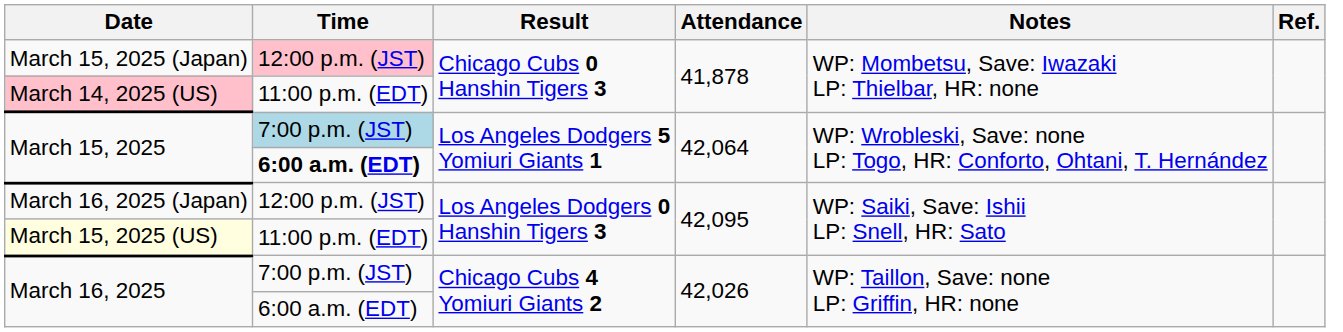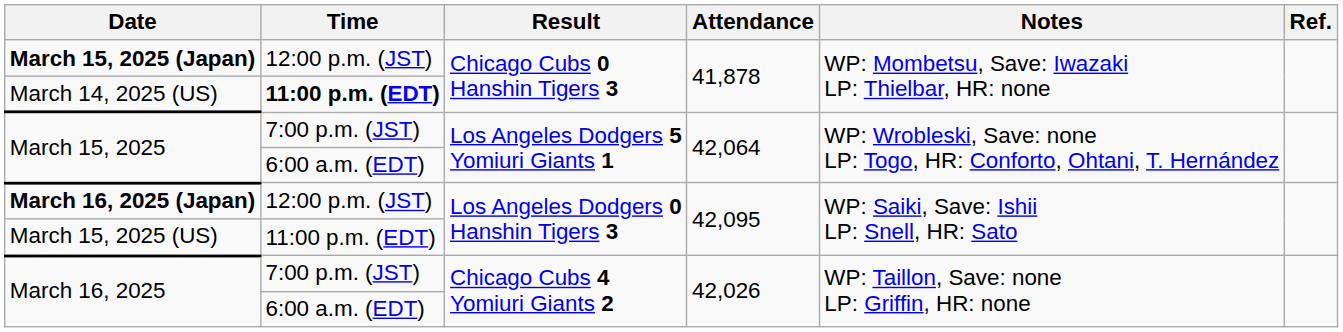 <table class="wikitable">
 <tr>
 <th>Date</th>
 <th>Time</th>
 <th>Result</th>
 <th>Attendance</th>
 <th>Notes</th>
 <th>Ref.</th>
 </tr>
 <tr>
-<td>March 15, 2025 (Japan)</td>
-<td style="background: pink;">12:00 p.m. (<a href='#'>JST</a>)</td>
+<td><strong>March 15, 2025 (Japan)</strong></td>
+<td>12:00 p.m. (<a href='#'>JST</a>)</td>
 <td rowspan="2"><a href='#'>Chicago Cubs</a> <strong>0</strong><br><a href='#'>Hanshin Tigers</a> <strong>3</strong></td>
 <td rowspan=2>41,878</td>
 <td rowspan=2>WP: <a href='#'>Mombetsu</a>, Save: <a href='#'>Iwazaki</a><br>LP: <a href='#'>Thielbar</a>, HR: none</td>
 <td rowspan=2></td>
 </tr>
 <tr>
-<td style="background: pink; border-bottom:2px solid black">March 14, 2025 (US)</td>
-<td>11:00 p.m. (<a href='#'>EDT</a>)</td>
+<td style="border-bottom:2px solid black">March 14, 2025 (US)</td>
+<td><strong>11:00 p.m. (<a href='#'>EDT</a>)</strong></td>
 </tr>
 <tr>
 <td style="border-bottom:2px solid black" rowspan="2">March 15, 2025</td>
-<td style="background: lightblue;">7:00 p.m. (<a href='#'>JST</a>)</td>
+<td>7:00 p.m. (<a href='#'>JST</a>)</td>
 <td rowspan="2"><a href='#'>Los Angeles Dodgers</a> <strong>5</strong><br><a href='#'>Yomiuri Giants</a> <strong>1</strong></td>
 <td rowspan=2>42,064</td>
 <td rowspan=2>WP: <a href='#'>Wrobleski</a>, Save: none<br>LP: <a href='#'>Togo</a>, HR: <a href='#'>Conforto</a>, <a href='#'>Ohtani</a>, <a href='#'>T. Hernández</a></td>
 <td rowspan=2></td>
 </tr>
 <tr>
-<td><strong>6:00 a.m. (<a href='#'>EDT</a>)</strong></td>
+<td>6:00 a.m. (<a href='#'>EDT</a>)</td>
 </tr>
 <tr>
-<td>March 16, 2025 (Japan)</td>
+<td><strong>March 16, 2025 (Japan)</strong></td>
 <td>12:00 p.m. (<a href='#'>JST</a>)</td>
 <td rowspan="2"><a href='#'>Los Angeles Dodgers</a> <strong>0</strong><br><a href='#'>Hanshin Tigers</a> <strong>3</strong></td>
 <td rowspan=2>42,095</td>
 <td rowspan=2>WP: <a href='#'>Saiki</a>, Save: <a href='#'>Ishii</a><br>LP: <a href='#'>Snell</a>, HR: <a href='#'>Sato</a></td>
 <td rowspan=2></td>
 </tr>
 <tr>
-<td style="background: lightyellow; border-bottom:2px solid black">March 15, 2025 (US)</td>
+<td style="border-bottom:2px solid black">March 15, 2025 (US)</td>
 <td>11:00 p.m. (<a href='#'>EDT</a>)</td>
 </tr>
 <tr>
 <td rowspan="2">March 16, 2025</td>
 <td>7:00 p.m. (<a href='#'>JST</a>)</td>
 <td rowspan="2"><a href='#'>Chicago Cubs</a> <strong>4</strong><br><a href='#'>Yomiuri Giants</a> <strong>2</strong></td>
 <td rowspan=2>42,026</td>
 <td rowspan=2>WP: <a href='#'>Taillon</a>, Save: none<br>LP: <a href='#'>Griffin</a>, HR: none</td>
 <td rowspan=2></td>
 </tr>
 <tr>
 <td>6:00 a.m. (<a href='#'>EDT</a>)</td>
 </tr>
 </table>
